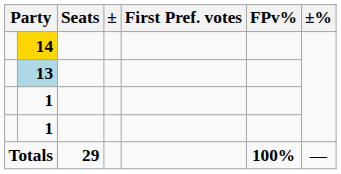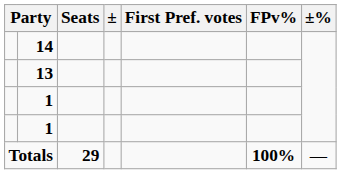 <table class=wikitable>
 <tr>
 <th colspan=2 align=center>Party</th>
 <th valign=top>Seats</th>
 <th valign=top>±</th>
 <th valign=top>First Pref. votes</th>
 <th valign=top>FPv%</th>
 <th valign=top>±%</th>
 </tr>
 <tr>
 <td></td>
-<td align=right style="background: gold;"><strong>14</strong></td>
+<td align=right><strong>14</strong></td>
 <td align=right></td>
 <td align=right></td>
 <td align=right></td>
 <td align=right></td>
 </tr>
 <tr>
 <td></td>
-<td align=right style="background: lightblue;"><strong>13</strong></td>
+<td align=right><strong>13</strong></td>
 <td align=right></td>
 <td align=right></td>
 <td align=right></td>
 <td align=right></td>
 </tr>
 <tr>
 <td></td>
 <td align=right><strong>1</strong></td>
 <td align=right></td>
 <td align=right></td>
 <td align=right></td>
 <td align=right></td>
 </tr>
 <tr>
 <td></td>
 <td align=right><strong>1</strong></td>
 <td align=right></td>
 <td align=right></td>
 <td align=right></td>
 <td align=right></td>
 </tr>
 <tr>
 <td colspan=2 align=center><strong>Totals</strong></td>
 <td align=right><strong>29</strong></td>
 <td align=center></td>
 <td align=right></td>
 <td align=center><strong>100%</strong></td>
 <td align=center>—</td>
 </tr>
 </table>
